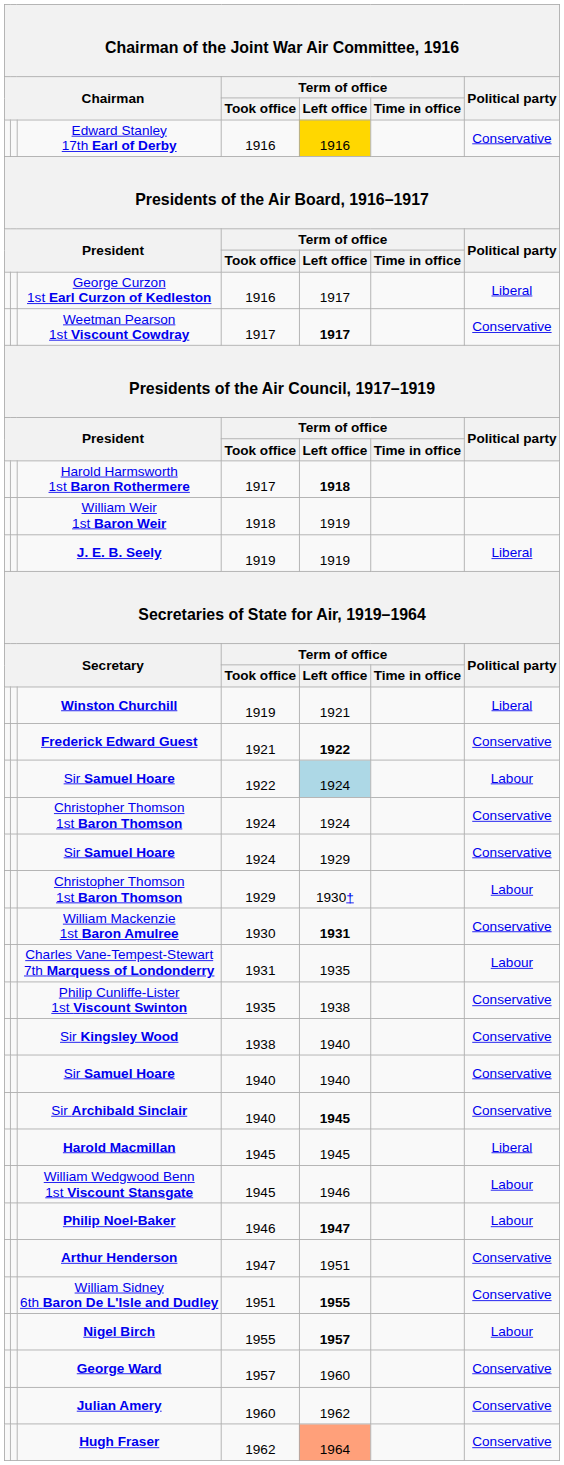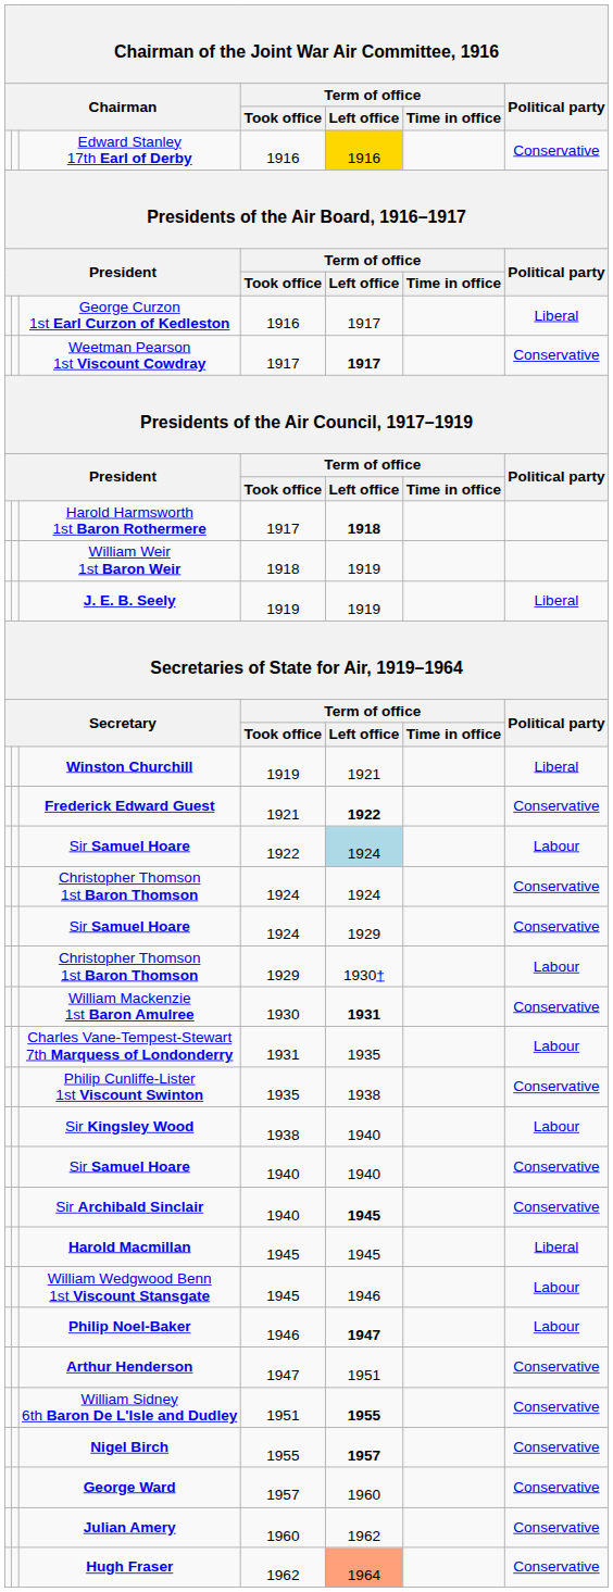 <table class="wikitable" style="text-align:center">
 <tr>
 <th colspan=99><br><h3>Chairman of the Joint War Air Committee, 1916</h3></th>
 </tr>
 <tr>
 <th colspan=3 rowspan=2>Chairman</th>
 <th colspan=3>Term of office</th>
 <th rowspan=2>Political party</th>
 </tr>
 <tr>
 <th>Took office</th>
 <th>Left office</th>
 <th>Time in office</th>
 </tr>
 <tr style="height:1em">
 <td style="background-color:"></td>
 <td></td>
 <td><a href='#'>Edward Stanley<br>17th <strong>Earl of Derby</strong></a></td>
 <td><br>1916</td>
 <td style="background: gold;"><br>1916</td>
 <td></td>
 <td><a href='#'>Conservative</a></td>
 </tr>
 <tr>
 <th colspan=99><br><h3>Presidents of the Air Board, 1916–1917</h3></th>
 </tr>
 <tr>
 <th colspan=3 rowspan=2>President</th>
 <th colspan=3>Term of office</th>
 <th rowspan=2>Political party</th>
 </tr>
 <tr>
 <th>Took office</th>
 <th>Left office</th>
 <th>Time in office</th>
 </tr>
 <tr style="height:1em">
 <td style="background-color:"></td>
 <td></td>
 <td><a href='#'>George Curzon<br>1st <strong>Earl Curzon of Kedleston</strong></a></td>
 <td><br>1916</td>
 <td><br>1917</td>
 <td></td>
 <td><a href='#'>Liberal</a></td>
 </tr>
 <tr style="height:1em">
 <td style="background-color:"></td>
 <td></td>
 <td><a href='#'>Weetman Pearson<br>1st <strong>Viscount Cowdray</strong></a></td>
 <td><br>1917</td>
 <td><strong><br>1917</strong></td>
 <td></td>
 <td><a href='#'>Conservative</a></td>
 </tr>
 <tr>
 <th colspan=99><br><h3>Presidents of the Air Council, 1917–1919</h3></th>
 </tr>
 <tr>
 <th colspan=3 rowspan=2>President</th>
 <th colspan=3>Term of office</th>
 <th rowspan=2>Political party</th>
 </tr>
 <tr>
 <th>Took office</th>
 <th>Left office</th>
 <th>Time in office</th>
 </tr>
 <tr>
 <td></td>
 <td></td>
 <td><a href='#'>Harold Harmsworth<br>1st <strong>Baron Rothermere</strong></a></td>
 <td><br>1917</td>
 <td><strong><br>1918</strong></td>
 <td></td>
 <td></td>
 </tr>
 <tr>
 <td></td>
 <td></td>
 <td><a href='#'>William Weir<br>1st <strong>Baron Weir</strong></a></td>
 <td><br>1918</td>
 <td><br>1919</td>
 <td></td>
 <td></td>
 </tr>
 <tr>
 <td style="background-color:"></td>
 <td></td>
 <td><a href='#'><strong>J. E. B. Seely</strong></a><br></td>
 <td><br>1919</td>
 <td><br>1919</td>
 <td></td>
 <td><a href='#'>Liberal</a></td>
 </tr>
 <tr>
 <th colspan=99><br><h3>Secretaries of State for Air, 1919–1964</h3></th>
 </tr>
 <tr>
 <th colspan=3 rowspan=2>Secretary</th>
 <th colspan=3>Term of office</th>
 <th rowspan=2>Political party</th>
 </tr>
 <tr>
 <th>Took office</th>
 <th>Left office</th>
 <th>Time in office</th>
 </tr>
 <tr style="height:1em">
 <td style="background-color:"></td>
 <td></td>
 <td><strong><a href='#'>Winston Churchill</a></strong><br></td>
 <td><br>1919</td>
 <td><br>1921</td>
 <td></td>
 <td><a href='#'>Liberal</a></td>
 </tr>
 <tr style="height:1em">
 <td style="background-color:"></td>
 <td></td>
 <td><strong><a href='#'>Frederick Edward Guest</a></strong><br></td>
 <td><br>1921</td>
 <td><strong><br>1922</strong></td>
 <td></td>
 <td><a href='#'>Conservative</a></td>
 </tr>
 <tr style="height:1em">
 <td style="background-color:"></td>
 <td></td>
 <td><a href='#'>Sir <strong>Samuel Hoare</strong></a><br></td>
 <td><br>1922</td>
 <td style="background: lightblue;"><br>1924</td>
 <td></td>
 <td><a href='#'>Labour</a></td>
 </tr>
 <tr style="height:1em">
 <td style="background-color:"></td>
 <td></td>
 <td><a href='#'>Christopher Thomson<br>1st <strong>Baron Thomson</strong></a></td>
 <td><br>1924</td>
 <td><br>1924</td>
 <td></td>
 <td><a href='#'>Conservative</a></td>
 </tr>
 <tr style="height:1em">
 <td style="background-color:"></td>
 <td></td>
 <td><a href='#'>Sir <strong>Samuel Hoare</strong></a><br></td>
 <td><br>1924</td>
 <td><br>1929</td>
 <td></td>
 <td><a href='#'>Conservative</a></td>
 </tr>
 <tr style="height:1em">
 <td style="background-color:"></td>
 <td></td>
 <td><a href='#'>Christopher Thomson<br>1st <strong>Baron Thomson</strong></a></td>
 <td><br>1929</td>
 <td><br>1930<a href='#'>†</a></td>
 <td></td>
 <td><a href='#'>Labour</a></td>
 </tr>
 <tr style="height:1em">
 <td style="background-color:"></td>
 <td></td>
 <td><a href='#'>William Mackenzie<br>1st <strong>Baron Amulree</strong></a></td>
 <td><br>1930</td>
 <td><strong><br>1931</strong></td>
 <td></td>
 <td><a href='#'>Conservative</a></td>
 </tr>
 <tr style="height:1em">
 <td style="background-color:"></td>
 <td></td>
 <td><a href='#'>Charles Vane-Tempest-Stewart<br>7th <strong>Marquess of Londonderry</strong></a></td>
 <td><br>1931</td>
 <td><br>1935</td>
 <td></td>
 <td><a href='#'>Labour</a></td>
 </tr>
 <tr style="height:1em">
 <td style="background-color:"></td>
 <td></td>
 <td><a href='#'>Philip Cunliffe-Lister<br>1st <strong>Viscount Swinton</strong></a></td>
 <td><br>1935</td>
 <td><br>1938</td>
 <td></td>
 <td><a href='#'>Conservative</a></td>
 </tr>
 <tr style="height:1em">
 <td style="background-color:"></td>
 <td></td>
 <td><a href='#'>Sir <strong>Kingsley Wood</strong></a><br></td>
 <td><br>1938</td>
 <td><br>1940</td>
 <td></td>
-<td><a href='#'>Conservative</a></td>
+<td><a href='#'>Labour</a></td>
 </tr>
 <tr style="height:1em">
 <td style="background-color:"></td>
 <td></td>
 <td><a href='#'>Sir <strong>Samuel Hoare</strong></a><br></td>
 <td><br>1940</td>
 <td><br>1940</td>
 <td></td>
 <td><a href='#'>Conservative</a></td>
 </tr>
 <tr style="height:1em">
 <td style="background-color:"></td>
 <td></td>
 <td><a href='#'>Sir <strong>Archibald Sinclair</strong></a><br></td>
 <td><br>1940</td>
 <td><strong><br>1945</strong></td>
 <td></td>
 <td><a href='#'>Conservative</a></td>
 </tr>
 <tr style="height:1em">
 <td style="background-color:"></td>
 <td></td>
 <td><strong><a href='#'>Harold Macmillan</a></strong><br></td>
 <td><br>1945</td>
 <td><br>1945</td>
 <td></td>
 <td><a href='#'>Liberal</a></td>
 </tr>
 <tr style="height:1em">
 <td style="background-color:"></td>
 <td></td>
 <td><a href='#'>William Wedgwood Benn<br>1st <strong>Viscount Stansgate</strong></a></td>
 <td><br>1945</td>
 <td><br>1946</td>
 <td></td>
 <td><a href='#'>Labour</a></td>
 </tr>
 <tr style="height:1em">
 <td style="background-color:"></td>
 <td></td>
 <td><a href='#'><strong>Philip Noel-Baker</strong></a><br></td>
 <td><br>1946</td>
 <td><strong><br>1947</strong></td>
 <td></td>
 <td><a href='#'>Labour</a></td>
 </tr>
 <tr style="height:1em">
 <td style="background-color:"></td>
 <td></td>
 <td><a href='#'><strong>Arthur Henderson</strong></a><br></td>
 <td><br>1947</td>
 <td><br>1951</td>
 <td></td>
 <td><a href='#'>Conservative</a></td>
 </tr>
 <tr style="height:1em">
 <td style="background-color:"></td>
 <td></td>
 <td><a href='#'>William Sidney<br>6th <strong>Baron De L'Isle and Dudley</strong></a></td>
 <td><br>1951</td>
 <td><strong><br>1955</strong></td>
 <td></td>
 <td><a href='#'>Conservative</a></td>
 </tr>
 <tr style="height:1em">
 <td style="background-color:"></td>
 <td></td>
 <td><a href='#'><strong>Nigel Birch</strong></a><br></td>
 <td><br>1955</td>
 <td><strong><br>1957</strong></td>
 <td></td>
-<td><a href='#'>Labour</a></td>
+<td><a href='#'>Conservative</a></td>
 </tr>
 <tr style="height:1em">
 <td style="background-color:"></td>
 <td></td>
 <td><a href='#'><strong>George Ward</strong></a><br></td>
 <td><br>1957</td>
 <td><br>1960</td>
 <td></td>
 <td><a href='#'>Conservative</a></td>
 </tr>
 <tr style="height:1em">
 <td style="background-color:"></td>
 <td></td>
 <td><strong><a href='#'>Julian Amery</a></strong><br></td>
 <td><br>1960</td>
 <td><br>1962</td>
 <td></td>
 <td><a href='#'>Conservative</a></td>
 </tr>
 <tr style="height:1em">
 <td style="background-color:"></td>
 <td></td>
 <td><a href='#'><strong>Hugh Fraser</strong></a><br></td>
 <td><br>1962</td>
 <td style="background: lightsalmon;"><br>1964</td>
 <td></td>
 <td><a href='#'>Conservative</a></td>
 </tr>
 </table>
